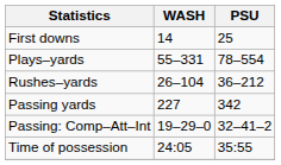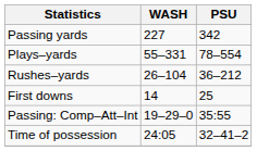 <table class="wikitable">
 <tr>
 <th>Statistics</th>
 <th>WASH</th>
 <th>PSU</th>
 </tr>
 <tr>
-<td>First downs</td>
-<td>14</td>
-<td>25</td>
+<td>Passing yards</td>
+<td>227</td>
+<td>342</td>
 </tr>
 <tr>
 <td>Plays–yards</td>
 <td>55–331</td>
 <td>78–554</td>
 </tr>
 <tr>
 <td>Rushes–yards</td>
 <td>26–104</td>
 <td>36–212</td>
 </tr>
 <tr>
-<td>Passing yards</td>
-<td>227</td>
-<td>342</td>
+<td>First downs</td>
+<td>14</td>
+<td>25</td>
 </tr>
 <tr>
 <td>Passing: Comp–Att–Int</td>
 <td>19–29–0</td>
-<td>32–41–2</td>
+<td>35:55</td>
 </tr>
 <tr>
 <td>Time of possession</td>
 <td>24:05</td>
-<td>35:55</td>
+<td>32–41–2</td>
 </tr>
 <tr>
 </tr>
 </table>
